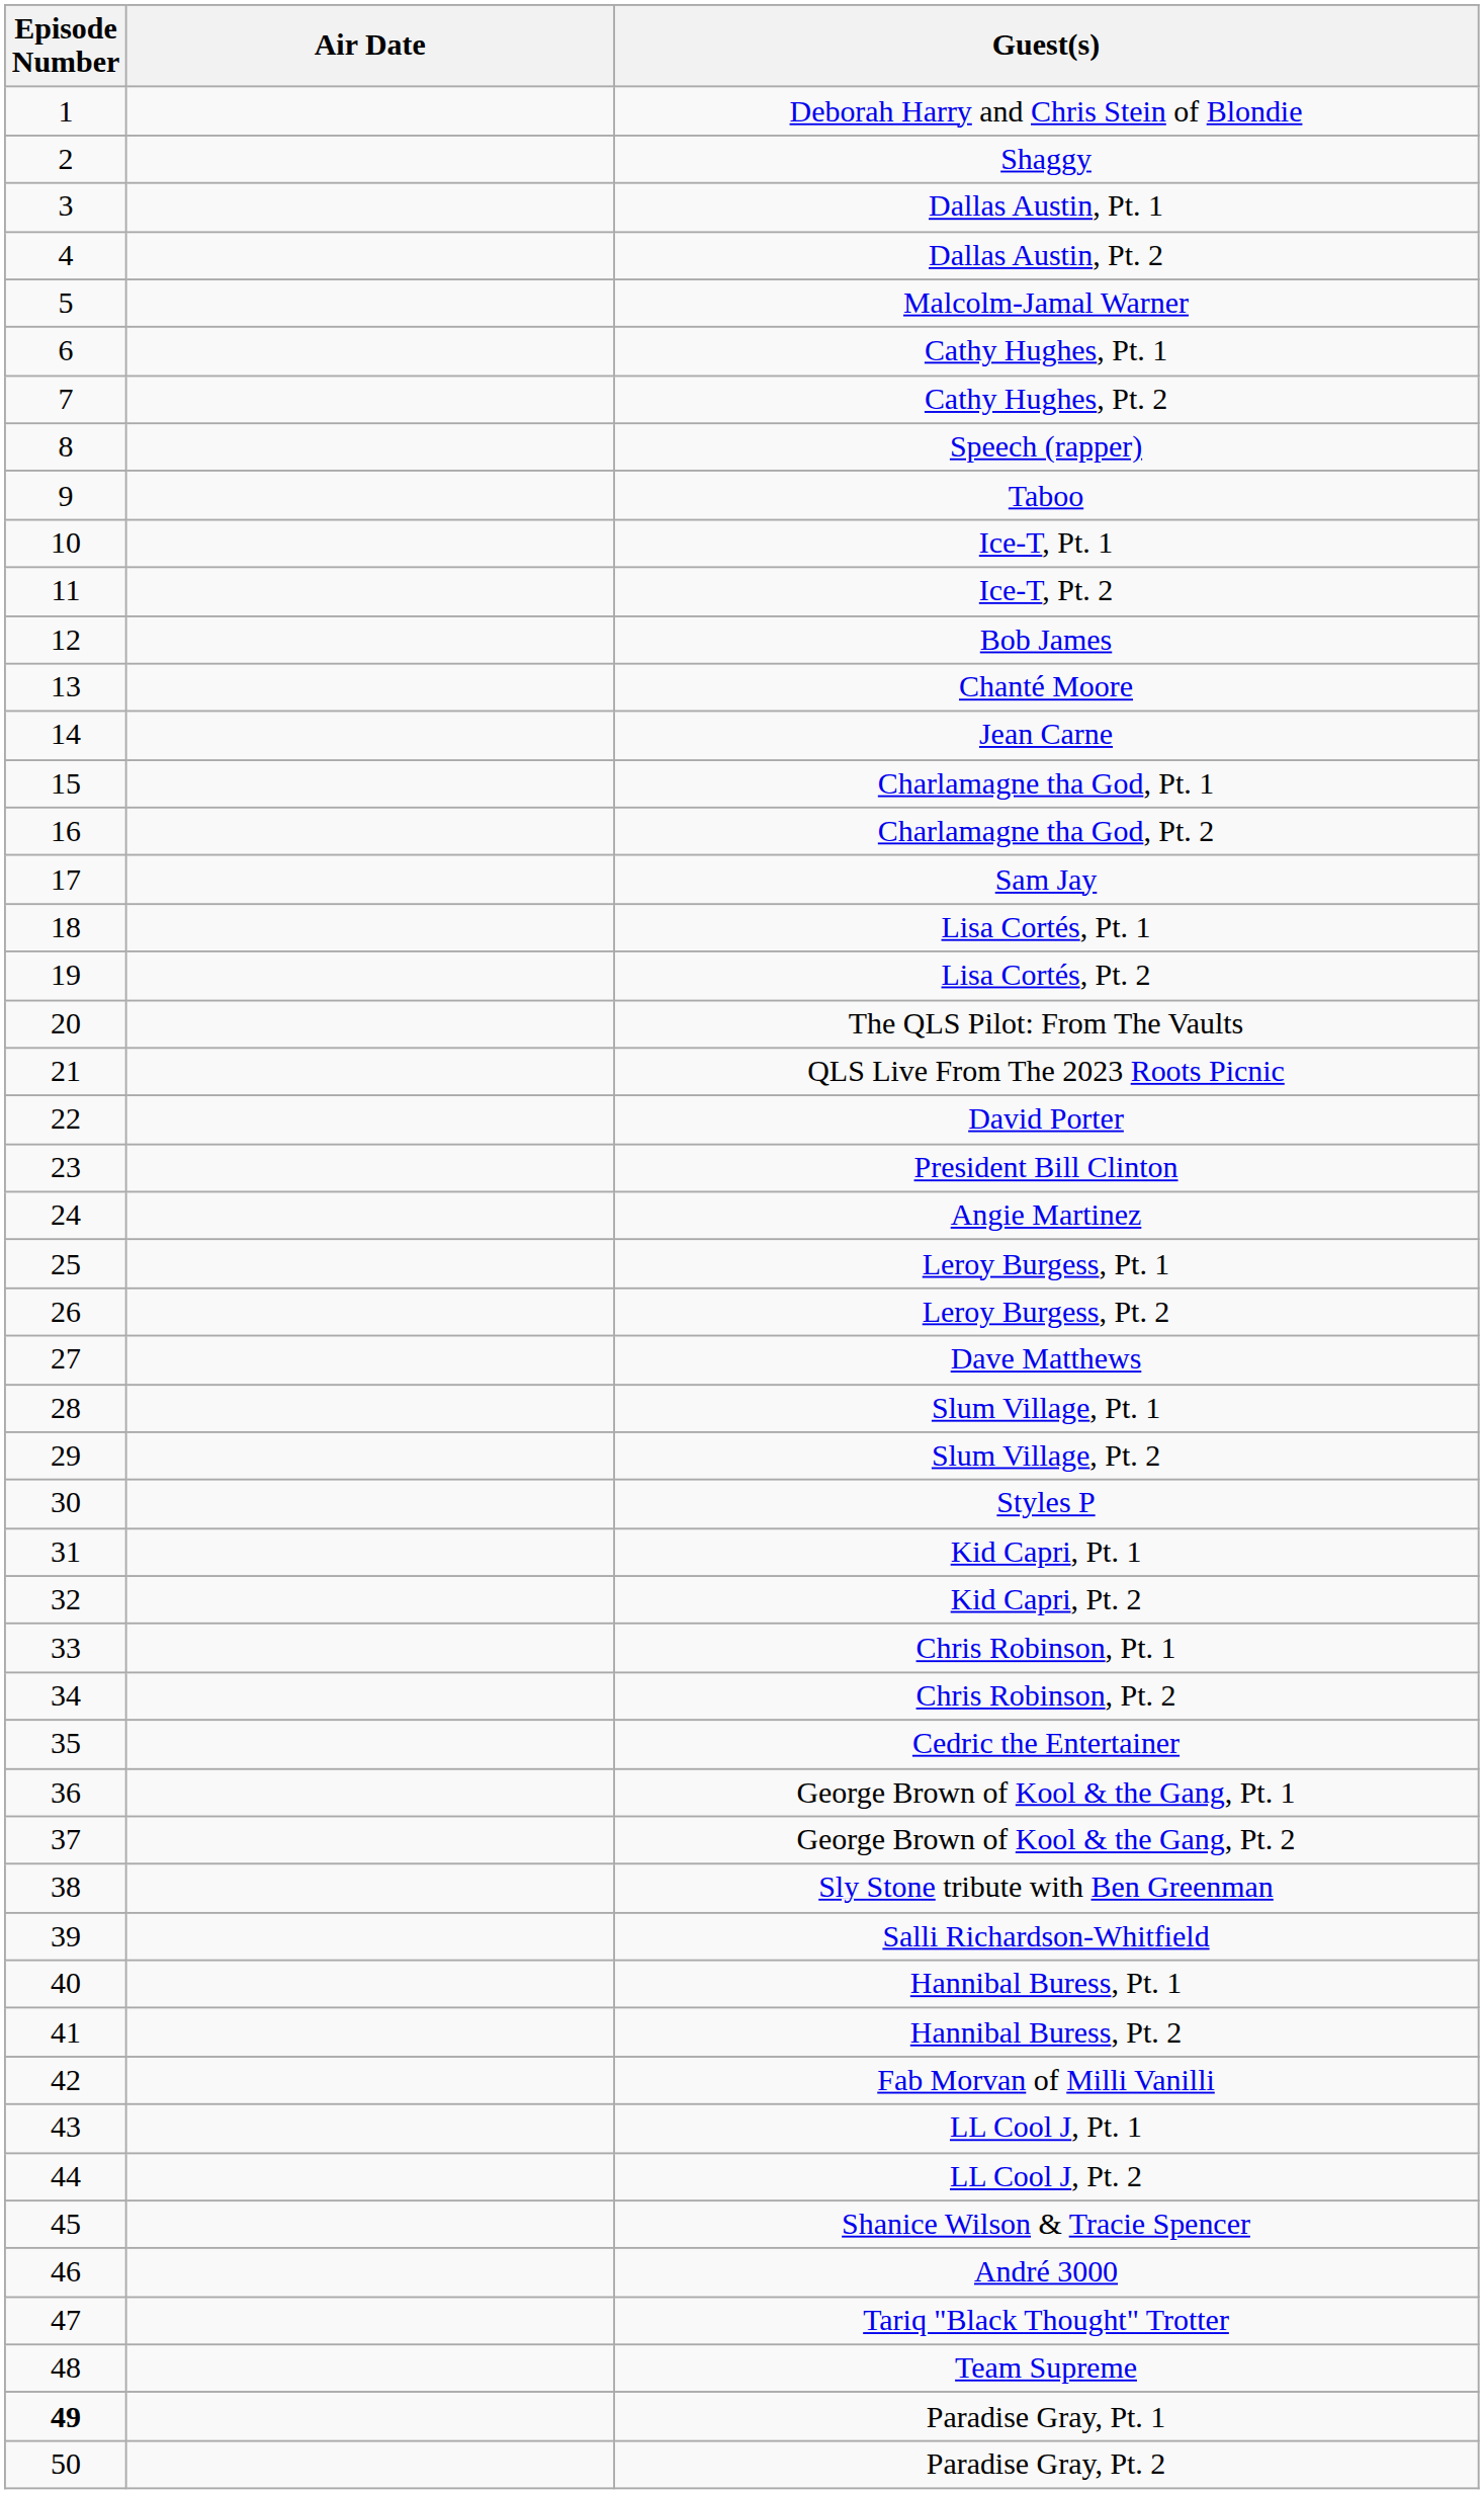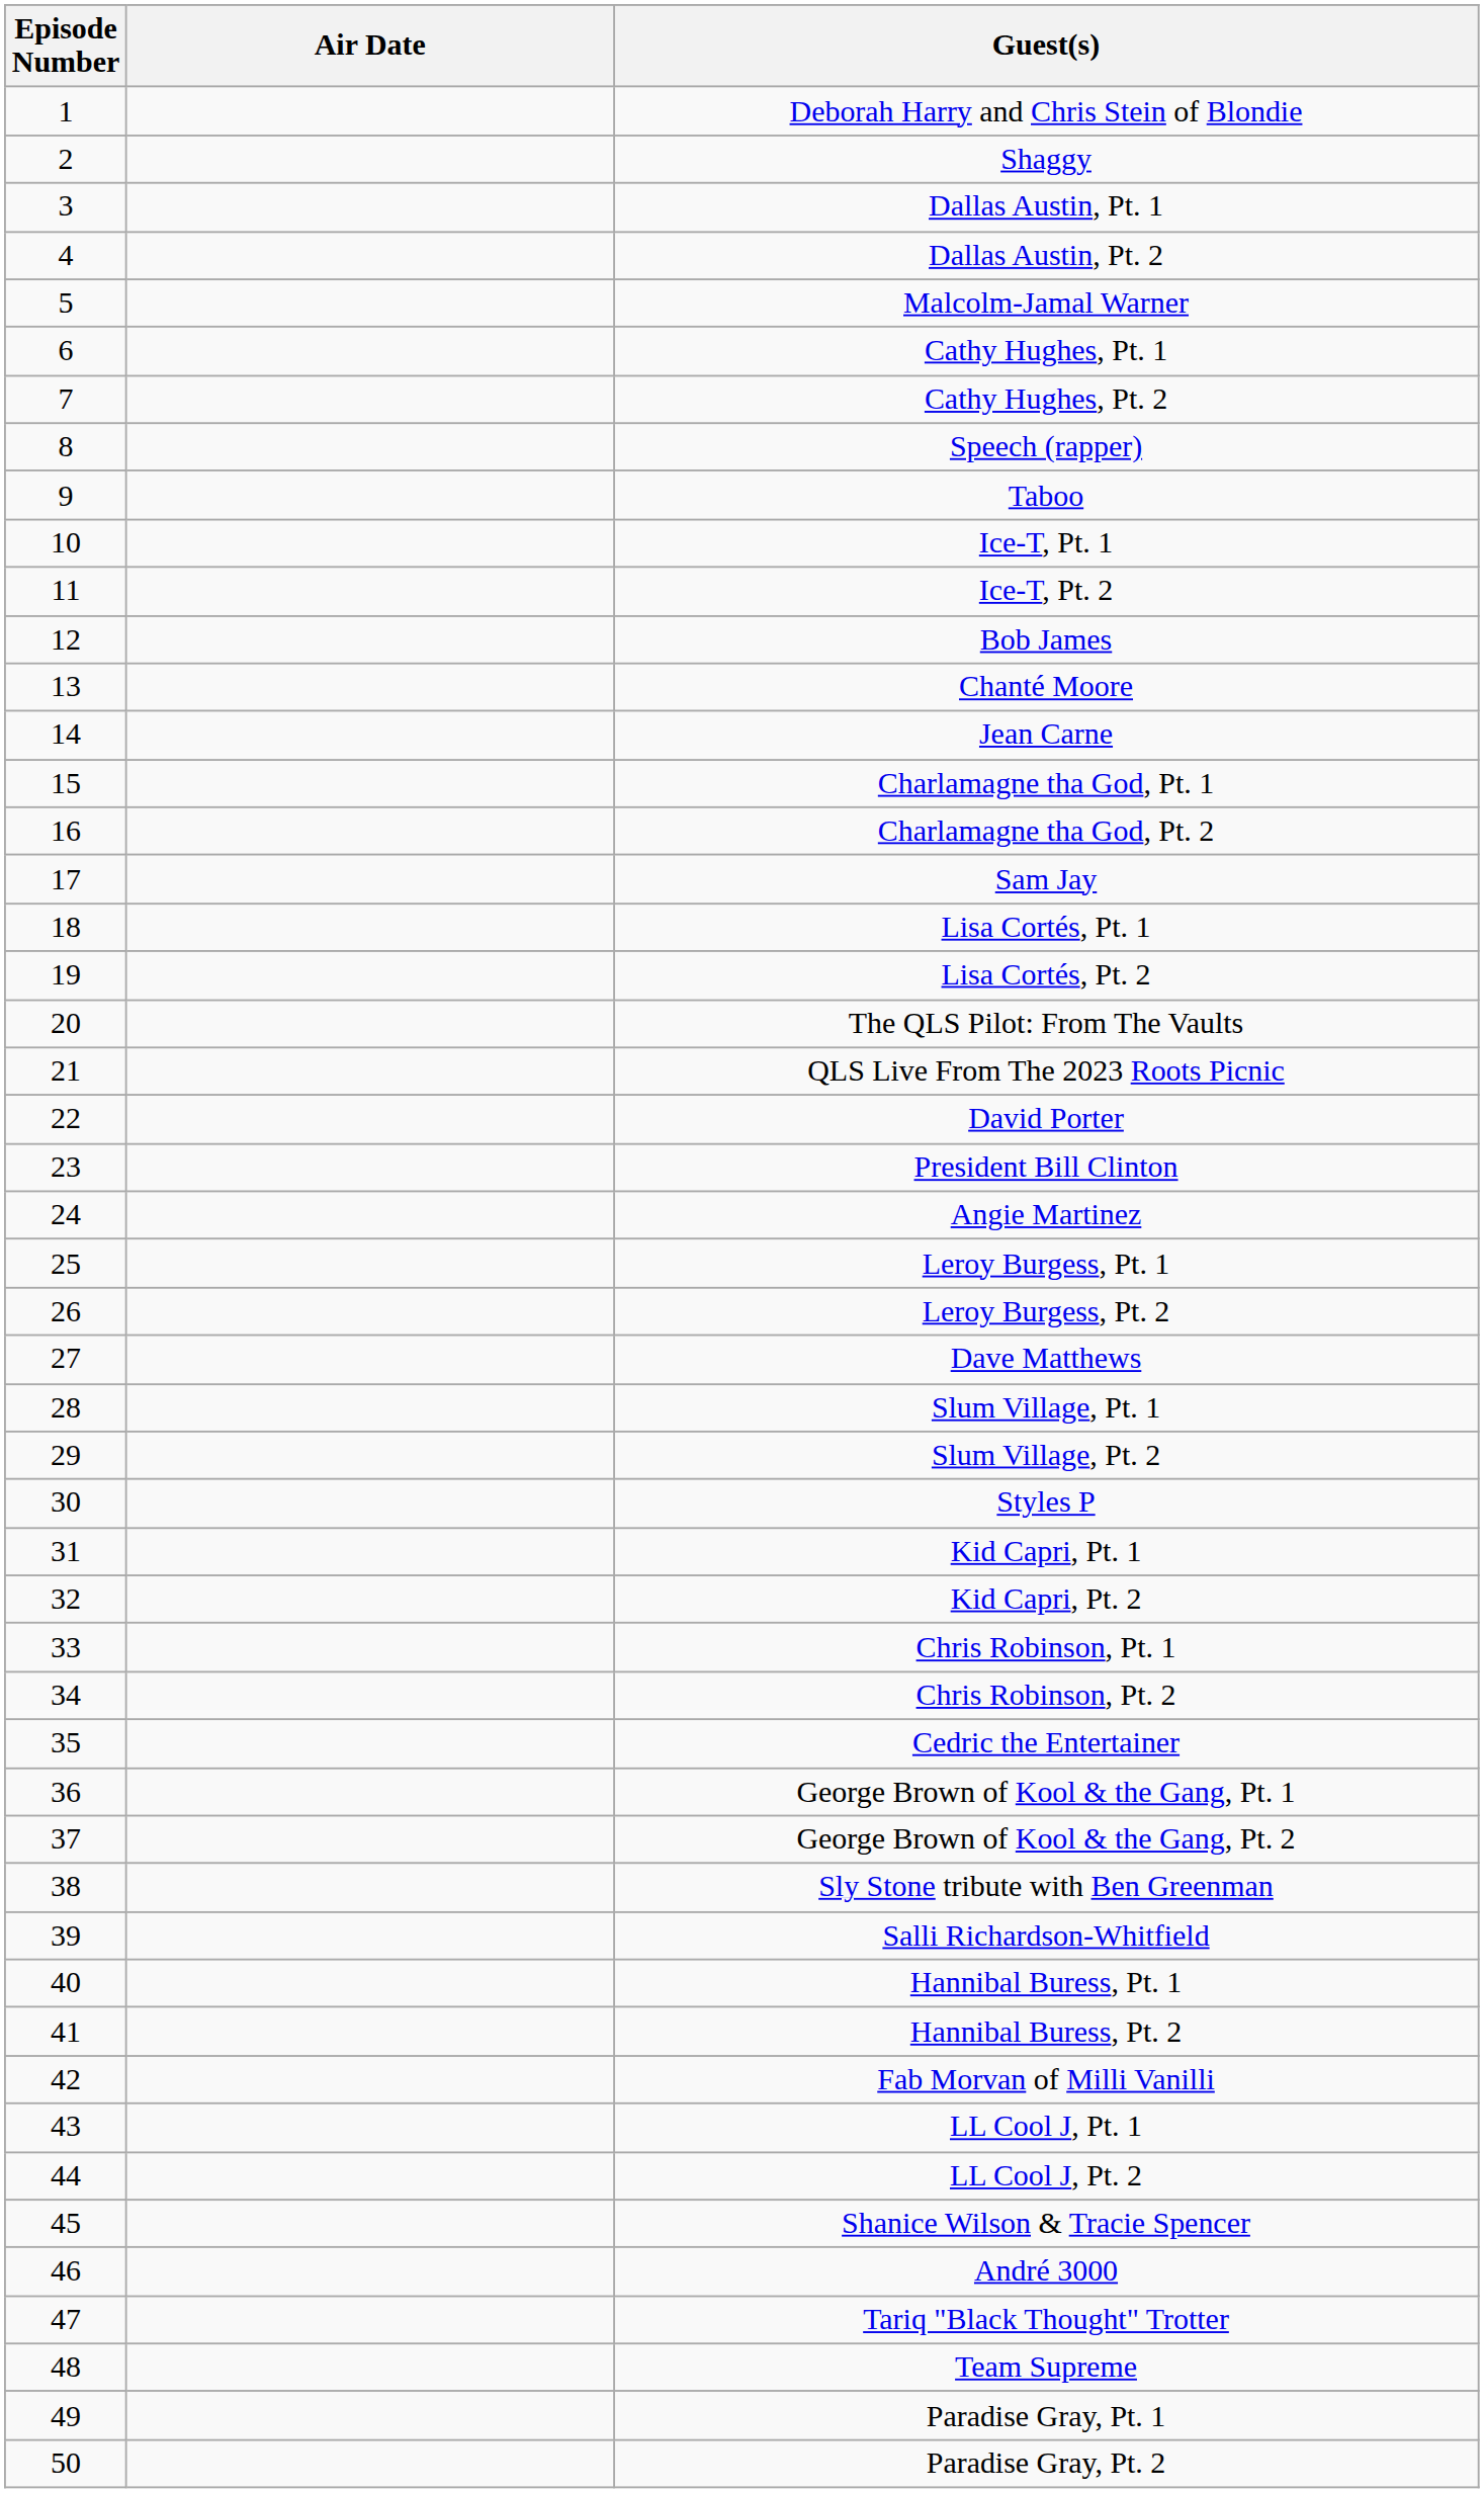 <table class="wikitable" style="text-align: center;">
 <tr>
 <th scope="col" style="width: 20px;">Episode Number</th>
 <th scope="col" style="width: 250px;">Air Date</th>
 <th scope="col" style="width: 450px;">Guest(s)</th>
 </tr>
 <tr>
 <td>1</td>
 <td></td>
 <td><a href='#'>Deborah Harry</a> and <a href='#'>Chris Stein</a> of <a href='#'>Blondie</a></td>
 </tr>
 <tr>
 <td>2</td>
 <td></td>
 <td><a href='#'>Shaggy</a></td>
 </tr>
 <tr>
 <td>3</td>
 <td></td>
 <td><a href='#'>Dallas Austin</a>, Pt. 1</td>
 </tr>
 <tr>
 <td>4</td>
 <td></td>
 <td><a href='#'>Dallas Austin</a>, Pt. 2</td>
 </tr>
 <tr>
 <td>5</td>
 <td></td>
 <td><a href='#'>Malcolm-Jamal Warner</a></td>
 </tr>
 <tr>
 <td>6</td>
 <td></td>
 <td><a href='#'>Cathy Hughes</a>, Pt. 1</td>
 </tr>
 <tr>
 <td>7</td>
 <td></td>
 <td><a href='#'>Cathy Hughes</a>, Pt. 2</td>
 </tr>
 <tr>
 <td>8</td>
 <td></td>
 <td><a href='#'>Speech (rapper)</a></td>
 </tr>
 <tr>
 <td>9</td>
 <td></td>
 <td><a href='#'>Taboo</a></td>
 </tr>
 <tr>
 <td>10</td>
 <td></td>
 <td><a href='#'>Ice-T</a>, Pt. 1</td>
 </tr>
 <tr>
 <td>11</td>
 <td></td>
 <td><a href='#'>Ice-T</a>, Pt. 2</td>
 </tr>
 <tr>
 <td>12</td>
 <td></td>
 <td><a href='#'>Bob James</a></td>
 </tr>
 <tr>
 <td>13</td>
 <td></td>
 <td><a href='#'>Chanté Moore</a></td>
 </tr>
 <tr>
 <td>14</td>
 <td></td>
 <td><a href='#'>Jean Carne</a></td>
 </tr>
 <tr>
 <td>15</td>
 <td></td>
 <td><a href='#'>Charlamagne tha God</a>, Pt. 1</td>
 </tr>
 <tr>
 <td>16</td>
 <td></td>
 <td><a href='#'>Charlamagne tha God</a>, Pt. 2</td>
 </tr>
 <tr>
 <td>17</td>
 <td></td>
 <td><a href='#'>Sam Jay</a></td>
 </tr>
 <tr>
 <td>18</td>
 <td></td>
 <td><a href='#'>Lisa Cortés</a>, Pt. 1</td>
 </tr>
 <tr>
 <td>19</td>
 <td></td>
 <td><a href='#'>Lisa Cortés</a>, Pt. 2</td>
 </tr>
 <tr>
 <td>20</td>
 <td></td>
 <td>The QLS Pilot: From The Vaults</td>
 </tr>
 <tr>
 <td>21</td>
 <td></td>
 <td>QLS Live From The 2023 <a href='#'>Roots Picnic</a></td>
 </tr>
 <tr>
 <td>22</td>
 <td></td>
 <td><a href='#'>David Porter</a></td>
 </tr>
 <tr>
 <td>23</td>
 <td></td>
 <td><a href='#'>President Bill Clinton</a></td>
 </tr>
 <tr>
 <td>24</td>
 <td></td>
 <td><a href='#'>Angie Martinez</a></td>
 </tr>
 <tr>
 <td>25</td>
 <td></td>
 <td><a href='#'>Leroy Burgess</a>, Pt. 1</td>
 </tr>
 <tr>
 <td>26</td>
 <td></td>
 <td><a href='#'>Leroy Burgess</a>, Pt. 2</td>
 </tr>
 <tr>
 <td>27</td>
 <td></td>
 <td><a href='#'>Dave Matthews</a></td>
 </tr>
 <tr>
 <td>28</td>
 <td></td>
 <td><a href='#'>Slum Village</a>, Pt. 1</td>
 </tr>
 <tr>
 <td>29</td>
 <td></td>
 <td><a href='#'>Slum Village</a>, Pt. 2</td>
 </tr>
 <tr>
 <td>30</td>
 <td></td>
 <td><a href='#'>Styles P</a></td>
 </tr>
 <tr>
 <td>31</td>
 <td></td>
 <td><a href='#'>Kid Capri</a>, Pt. 1</td>
 </tr>
 <tr>
 <td>32</td>
 <td></td>
 <td><a href='#'>Kid Capri</a>, Pt. 2</td>
 </tr>
 <tr>
 <td>33</td>
 <td></td>
 <td><a href='#'>Chris Robinson</a>, Pt. 1</td>
 </tr>
 <tr>
 <td>34</td>
 <td></td>
 <td><a href='#'>Chris Robinson</a>, Pt. 2</td>
 </tr>
 <tr>
 <td>35</td>
 <td></td>
 <td><a href='#'>Cedric the Entertainer</a></td>
 </tr>
 <tr>
 <td>36</td>
 <td></td>
 <td>George Brown of <a href='#'>Kool & the Gang</a>, Pt. 1</td>
 </tr>
 <tr>
 <td>37</td>
 <td></td>
 <td>George Brown of <a href='#'>Kool & the Gang</a>, Pt. 2</td>
 </tr>
 <tr>
 <td>38</td>
 <td></td>
 <td><a href='#'>Sly Stone</a> tribute with <a href='#'>Ben Greenman</a></td>
 </tr>
 <tr>
 <td>39</td>
 <td></td>
 <td><a href='#'>Salli Richardson-Whitfield</a></td>
 </tr>
 <tr>
 <td>40</td>
 <td></td>
 <td><a href='#'>Hannibal Buress</a>, Pt. 1</td>
 </tr>
 <tr>
 <td>41</td>
 <td></td>
 <td><a href='#'>Hannibal Buress</a>, Pt. 2</td>
 </tr>
 <tr>
 <td>42</td>
 <td></td>
 <td><a href='#'>Fab Morvan</a> of <a href='#'>Milli Vanilli</a></td>
 </tr>
 <tr>
 <td>43</td>
 <td></td>
 <td><a href='#'>LL Cool J</a>, Pt. 1</td>
 </tr>
 <tr>
 <td>44</td>
 <td></td>
 <td><a href='#'>LL Cool J</a>, Pt. 2</td>
 </tr>
 <tr>
 <td>45</td>
 <td></td>
 <td><a href='#'>Shanice Wilson</a> & <a href='#'>Tracie Spencer</a></td>
 </tr>
 <tr>
 <td>46</td>
 <td></td>
 <td><a href='#'>André 3000</a></td>
 </tr>
 <tr>
 <td>47</td>
 <td></td>
 <td><a href='#'>Tariq "Black Thought" Trotter</a></td>
 </tr>
 <tr>
 <td>48</td>
 <td></td>
 <td><a href='#'>Team Supreme</a></td>
 </tr>
 <tr>
-<td><strong>49</strong></td>
+<td>49</td>
 <td></td>
 <td>Paradise Gray, Pt. 1</td>
 </tr>
 <tr>
 <td>50</td>
 <td></td>
 <td>Paradise Gray, Pt. 2</td>
 </tr>
 </table>
